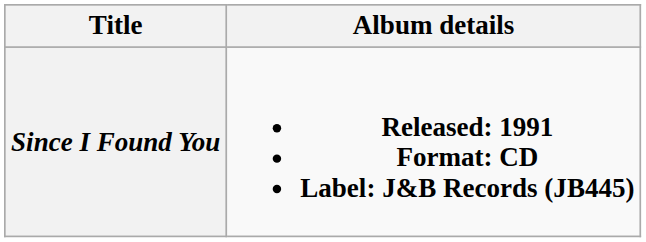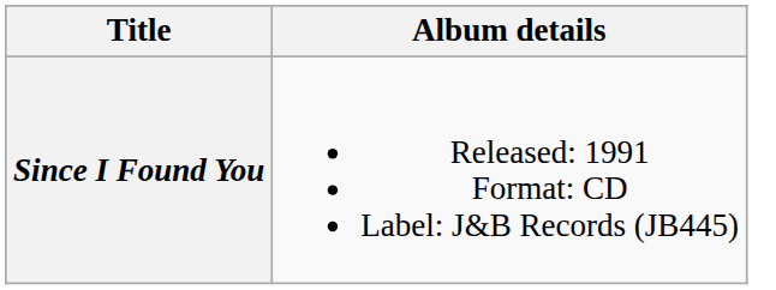 <table class="wikitable plainrowheaders" style="text-align:center;" border="1">
 <tr>
 <th scope="col">Title</th>
 <th scope="col">Album details</th>
 </tr>
 <tr>
 <th scope="row"><em>Since I Found You </em></th>
-<td><strong><br><ul><li>Released: 1991</li><li>Format: CD</li><li>Label: J&B Records (JB445)</li></ul></strong></td>
+<td><br><ul><li>Released: 1991</li><li>Format: CD</li><li>Label: J&B Records (JB445)</li></ul></td>
 </tr>
 </table>
